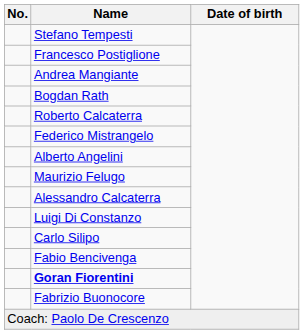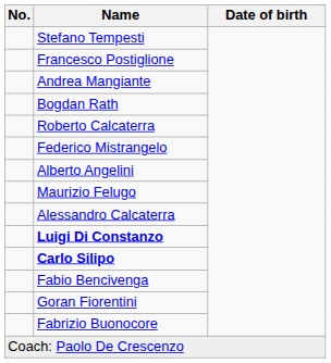 <table class=wikitable sortable style=font-size:100%; text-align:center;>
 <tr>
 <th>No.</th>
 <th style=width:12em>Name</th>
 <th style=width:8em>Date of birth</th>
 </tr>
 <tr>
 <td></td>
 <td align=left><a href='#'>Stefano Tempesti</a></td>
 </tr>
 <tr>
 <td></td>
 <td align=left><a href='#'>Francesco Postiglione</a></td>
 </tr>
 <tr>
 <td></td>
 <td align=left><a href='#'>Andrea Mangiante</a></td>
 </tr>
 <tr>
 <td></td>
 <td align=left><a href='#'>Bogdan Rath</a></td>
 </tr>
 <tr>
 <td></td>
 <td align=left><a href='#'>Roberto Calcaterra</a></td>
 </tr>
 <tr>
 <td></td>
 <td align=left><a href='#'>Federico Mistrangelo</a></td>
 </tr>
 <tr>
 <td></td>
 <td align=left><a href='#'>Alberto Angelini</a></td>
 </tr>
 <tr>
 <td></td>
 <td align=left><a href='#'>Maurizio Felugo</a></td>
 </tr>
 <tr>
 <td></td>
 <td align=left><a href='#'>Alessandro Calcaterra</a></td>
 </tr>
 <tr>
 <td></td>
-<td align=left><a href='#'>Luigi Di Constanzo</a></td>
+<td align=left><strong><a href='#'>Luigi Di Constanzo</a></strong></td>
 </tr>
 <tr>
 <td></td>
-<td align=left><a href='#'>Carlo Silipo</a></td>
+<td align=left><strong><a href='#'>Carlo Silipo</a></strong></td>
 </tr>
 <tr>
 <td></td>
 <td align=left><a href='#'>Fabio Bencivenga</a></td>
 </tr>
 <tr>
 <td></td>
-<td align=left><strong><a href='#'>Goran Fiorentini</a></strong></td>
+<td align=left><a href='#'>Goran Fiorentini</a></td>
 </tr>
 <tr>
 <td></td>
 <td align=left><a href='#'>Fabrizio Buonocore</a></td>
 </tr>
 <tr style=background:#efefef;>
 <td colspan=3 style=text-align:left;>Coach: <a href='#'>Paolo De Crescenzo</a></td>
 </tr>
 </table>
